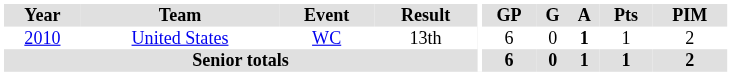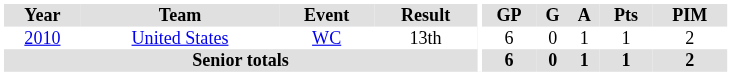 <table border="0" cellpadding="1" cellspacing="0" ID="Table3" style="text-align:center; width:40em">
 <tr ALIGN="center" bgcolor="#e0e0e0">
 <th>Year</th>
 <th>Team</th>
 <th>Event</th>
 <th>Result</th>
 <th rowspan="99" bgcolor="#ffffff"></th>
 <th>GP</th>
 <th>G</th>
 <th>A</th>
 <th>Pts</th>
 <th>PIM</th>
 </tr>
 <tr>
 <td><a href='#'>2010</a></td>
 <td><a href='#'>United States</a></td>
 <td><a href='#'>WC</a></td>
 <td>13th</td>
 <td>6</td>
 <td>0</td>
-<td><strong>1</strong></td>
+<td>1</td>
 <td>1</td>
 <td>2</td>
 </tr>
 <tr bgcolor="#e0e0e0">
 <th colspan=4>Senior totals</th>
 <th>6</th>
 <th>0</th>
 <th>1</th>
 <th>1</th>
 <th>2</th>
 </tr>
 </table>
